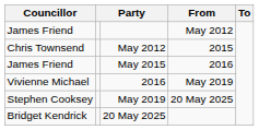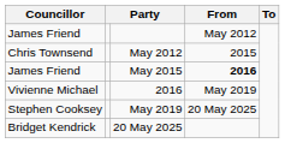 <table class=wikitable>
 <tr>
 <th>Councillor</th>
 <th colspan=2>Party</th>
 <th>From</th>
 <th>To</th>
 </tr>
 <tr>
 <td>James Friend</td>
 <td></td>
 <td></td>
 <td align=right>May 2012</td>
 </tr>
 <tr>
 <td>Chris Townsend</td>
 <td></td>
 <td align=right>May 2012</td>
 <td align=right>2015</td>
 </tr>
 <tr>
 <td>James Friend</td>
 <td></td>
 <td align=right>May 2015</td>
-<td align=right>2016</td>
+<td align=right><strong>2016</strong></td>
 </tr>
 <tr>
 <td>Vivienne Michael</td>
 <td></td>
 <td align=right>2016</td>
 <td align=right>May 2019</td>
 </tr>
 <tr>
 <td>Stephen Cooksey</td>
 <td></td>
 <td align=right>May 2019</td>
 <td align=right>20 May 2025</td>
 </tr>
 <tr>
 <td>Bridget Kendrick</td>
 <td></td>
 <td align=right>20 May 2025</td>
 <td align=right></td>
 </tr>
 </table>
